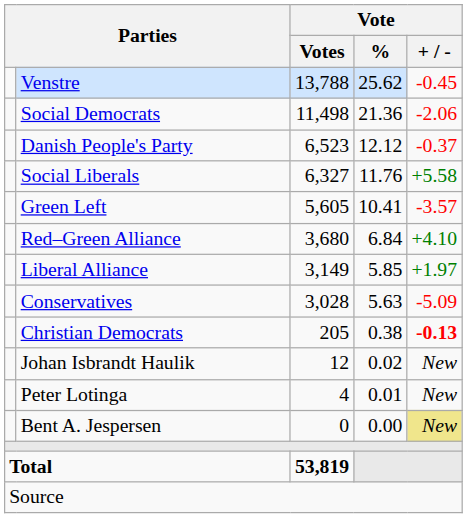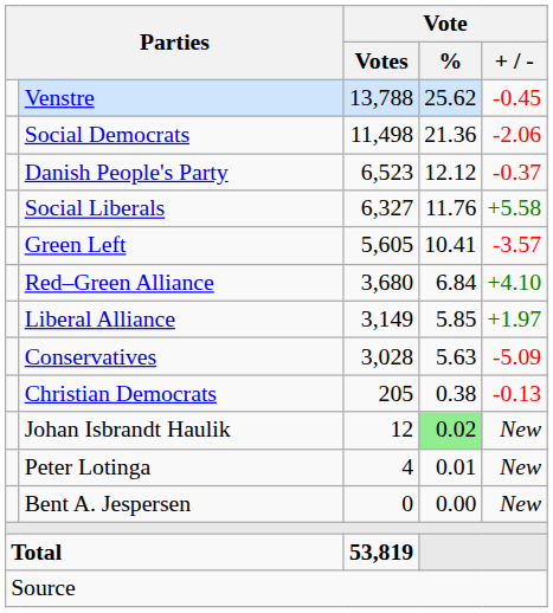 <table class="wikitable" style="text-align:right;">
 <tr>
 <th style="text-align:centre;" rowspan="2" colspan="2" width="225">Parties</th>
 <th colspan="3">Vote</th>
 </tr>
 <tr>
 <th width="15">Votes</th>
 <th width="15">%</th>
 <th width="15">+ / -</th>
 </tr>
 <tr>
 <td width="2" style="color:inherit;background:"></td>
 <td bgcolor=#cfe5fe  align="left"><a href='#'>Venstre</a></td>
 <td bgcolor=#cfe5fe>13,788</td>
 <td bgcolor=#cfe5fe>25.62</td>
 <td style=color:red;>-0.45</td>
 </tr>
 <tr>
 <td width="2" style="color:inherit;background:"></td>
 <td align="left"><a href='#'>Social Democrats</a></td>
 <td>11,498</td>
 <td>21.36</td>
 <td style=color:red;>-2.06</td>
 </tr>
 <tr>
 <td width="2" style="color:inherit;background:"></td>
 <td align="left"><a href='#'>Danish People's Party</a></td>
 <td>6,523</td>
 <td>12.12</td>
 <td style=color:red;>-0.37</td>
 </tr>
 <tr>
 <td width="2" style="color:inherit;background:"></td>
 <td align="left"><a href='#'>Social Liberals</a></td>
 <td>6,327</td>
 <td>11.76</td>
 <td style=color:green;>+5.58</td>
 </tr>
 <tr>
 <td width="2" style="color:inherit;background:"></td>
 <td align="left"><a href='#'>Green Left</a></td>
 <td>5,605</td>
 <td>10.41</td>
 <td style=color:red;>-3.57</td>
 </tr>
 <tr>
 <td width="2" style="color:inherit;background:"></td>
 <td align="left"><a href='#'>Red–Green Alliance</a></td>
 <td>3,680</td>
 <td>6.84</td>
 <td style=color:green;>+4.10</td>
 </tr>
 <tr>
 <td width="2" style="color:inherit;background:"></td>
 <td align="left"><a href='#'>Liberal Alliance</a></td>
 <td>3,149</td>
 <td>5.85</td>
 <td style=color:green;>+1.97</td>
 </tr>
 <tr>
 <td width="2" style="color:inherit;background:"></td>
 <td align="left"><a href='#'>Conservatives</a></td>
 <td>3,028</td>
 <td>5.63</td>
 <td style=color:red;>-5.09</td>
 </tr>
 <tr>
 <td width="2" style="color:inherit;background:"></td>
 <td align="left"><a href='#'>Christian Democrats</a></td>
 <td>205</td>
 <td>0.38</td>
-<td style=color:red;><strong>-0.13</strong></td>
+<td style=color:red;>-0.13</td>
 </tr>
 <tr>
 <td width="2" style="color:inherit;background:"></td>
 <td align="left">Johan Isbrandt Haulik</td>
 <td>12</td>
-<td>0.02</td>
+<td style="background: lightgreen;">0.02</td>
 <td><em>New</em></td>
 </tr>
 <tr>
 <td width="2" style="color:inherit;background:"></td>
 <td align="left">Peter Lotinga</td>
 <td>4</td>
 <td>0.01</td>
 <td><em>New</em></td>
 </tr>
 <tr>
 <td width="2" style="color:inherit;background:"></td>
 <td align="left">Bent A. Jespersen</td>
 <td>0</td>
 <td>0.00</td>
-<td style="background: khaki;"><em>New</em></td>
+<td><em>New</em></td>
 </tr>
 <tr>
 <td colspan="7" bgcolor="#E9E9E9"></td>
 </tr>
 <tr>
 <td align="left" colspan="2"><strong>Total</strong></td>
 <td><strong>53,819</strong></td>
 <td bgcolor="#E9E9E9" colspan="2"></td>
 </tr>
 <tr>
 <td align="left" colspan="6">Source</td>
 </tr>
 </table>
